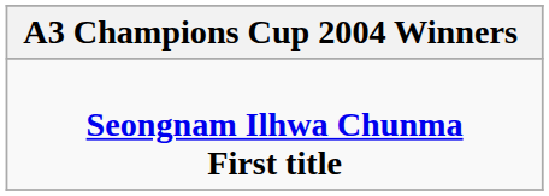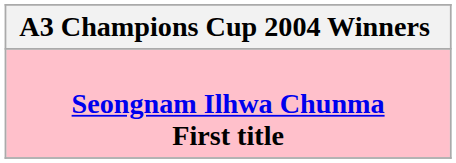 <table class="wikitable" style="text-align: center; margin: 0 auto;">
 <tr>
 <th> A3 Champions Cup 2004 Winners  </th>
 </tr>
 <tr>
-<td> <br> <strong><a href='#'>Seongnam Ilhwa Chunma</a> <br> First title</strong></td>
+<td style="background: pink;"> <br> <strong><a href='#'>Seongnam Ilhwa Chunma</a> <br> First title</strong></td>
 </tr>
 </table>
